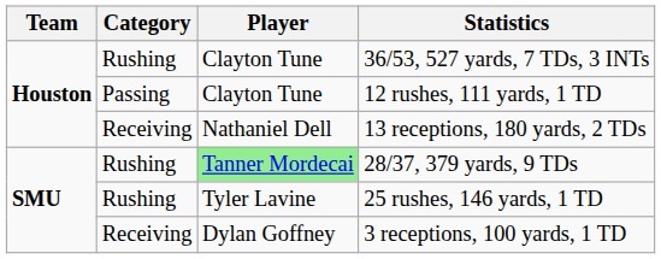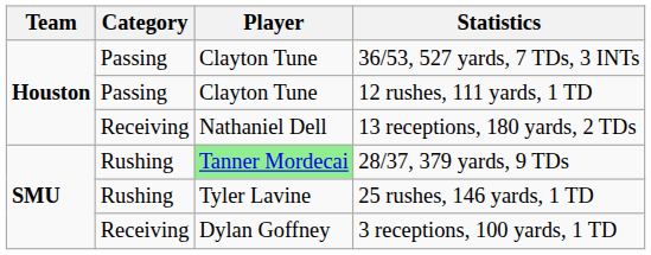 <table class="wikitable" style="float: right;">
 <tr>
 <th>Team</th>
 <th>Category</th>
 <th>Player</th>
 <th>Statistics</th>
 </tr>
 <tr>
 <td rowspan=3><strong>Houston</strong></td>
-<td>Rushing</td>
+<td>Passing</td>
 <td>Clayton Tune</td>
 <td>36/53, 527 yards, 7 TDs, 3 INTs</td>
 </tr>
 <tr>
 <td>Passing</td>
 <td>Clayton Tune</td>
 <td>12 rushes, 111 yards, 1 TD</td>
 </tr>
 <tr>
 <td>Receiving</td>
 <td>Nathaniel Dell</td>
 <td>13 receptions, 180 yards, 2 TDs</td>
 </tr>
 <tr>
 <td rowspan=3><strong>SMU</strong></td>
 <td>Rushing</td>
 <td style="background: lightgreen;"><a href='#'>Tanner Mordecai</a></td>
 <td>28/37, 379 yards, 9 TDs</td>
 </tr>
 <tr>
 <td>Rushing</td>
 <td>Tyler Lavine</td>
 <td>25 rushes, 146 yards, 1 TD</td>
 </tr>
 <tr>
 <td>Receiving</td>
 <td>Dylan Goffney</td>
 <td>3 receptions, 100 yards, 1 TD</td>
 </tr>
 </table>
